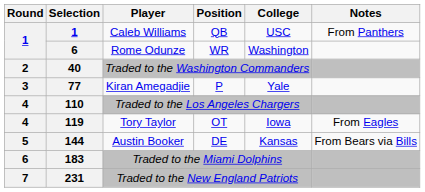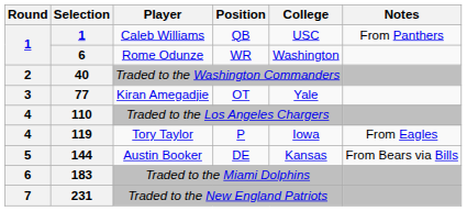 <table class="wikitable" style="text-align:center">
 <tr>
 <th>Round</th>
 <th>Selection</th>
 <th>Player</th>
 <th>Position</th>
 <th>College</th>
 <th>Notes</th>
 </tr>
 <tr>
 <th rowspan="2"><a href='#'>1</a></th>
 <th><a href='#'>1</a></th>
 <td><a href='#'>Caleb Williams</a></td>
 <td><a href='#'>QB</a></td>
 <td><a href='#'>USC</a></td>
 <td>From <a href='#'>Panthers</a></td>
 </tr>
 <tr>
 <th>6</th>
 <td><a href='#'>Rome Odunze</a></td>
 <td><a href='#'>WR</a></td>
 <td><a href='#'>Washington</a></td>
 <td></td>
 </tr>
 <tr>
 <th>2</th>
 <th>40</th>
 <td colspan="3" style="background:#BFBFBF;color:black;"><em>Traded to the <a href='#'>Washington Commanders</a></em></td>
 <td style="background:#BFBFBF"></td>
 </tr>
 <tr>
 <th>3</th>
 <th>77</th>
 <td><a href='#'>Kiran Amegadjie</a></td>
-<td><a href='#'>P</a></td>
+<td><a href='#'>OT</a></td>
 <td><a href='#'>Yale</a></td>
 <td></td>
 </tr>
 <tr>
 <th>4</th>
 <th>110</th>
 <td colspan="3" style="background:#BFBFBF;color:black;"><em>Traded to the <a href='#'>Los Angeles Chargers</a></em></td>
 <td style="background:#BFBFBF;color:black;"></td>
 </tr>
 <tr>
 <th>4</th>
 <th>119</th>
 <td><a href='#'>Tory Taylor</a></td>
-<td><a href='#'>OT</a></td>
+<td><a href='#'>P</a></td>
 <td><a href='#'>Iowa</a></td>
 <td>From <a href='#'>Eagles</a></td>
 </tr>
 <tr>
 <th>5</th>
 <th>144</th>
 <td><a href='#'>Austin Booker</a></td>
 <td><a href='#'>DE</a></td>
 <td><a href='#'>Kansas</a></td>
 <td>From Bears via <a href='#'>Bills</a></td>
 </tr>
 <tr>
 <th>6</th>
 <th>183</th>
 <td colspan="3" style="background:#BFBFBF;color:black;"><em>Traded to the <a href='#'>Miami Dolphins</a></em></td>
 <td style="background:#BFBFBF"></td>
 </tr>
 <tr>
 <th>7</th>
 <th>231</th>
 <td colspan="3" style="background:#BFBFBF;color:black;"><em>Traded to the <a href='#'>New England Patriots</a></em></td>
 <td style="background:#BFBFBF;color:black;"></td>
 </tr>
 </table>
